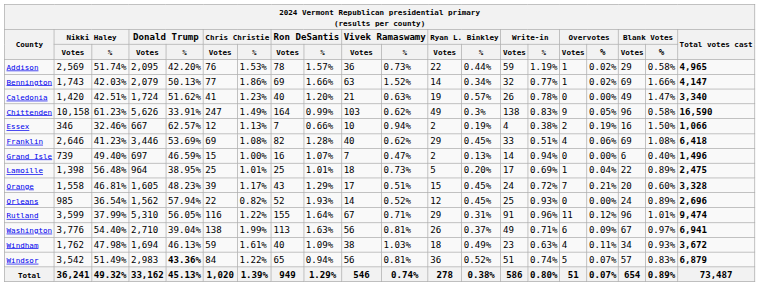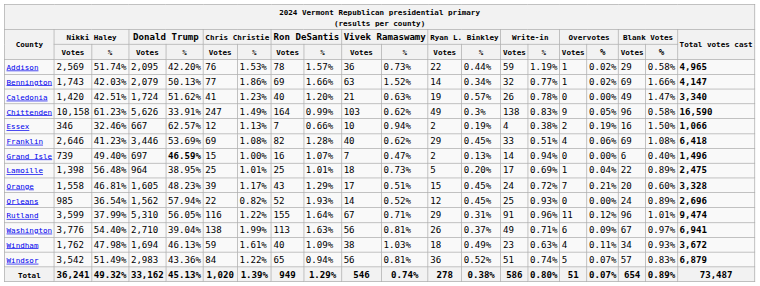 <table class="wikitable sortable mw-collapsible mw-collapsed">
 <tr>
 <th colspan="20"><small>2024 Vermont Republican presidential primary</small><br><small>(results per county)</small></th>
 </tr>
 <tr>
 <th rowspan="2"><small>County</small></th>
 <th colspan="2"><small>Nikki Haley</small></th>
 <th colspan="2">Donald Trump</th>
 <th colspan="2"><small>Chris Christie</small></th>
 <th colspan="2">Ron DeSantis</th>
 <th colspan="2">Vivek Ramaswamy</th>
 <th colspan="2"><small>Ryan L. Binkley</small></th>
 <th colspan="2"><small>Write-in</small></th>
 <th colspan="2"><small>Overvotes</small></th>
 <th colspan="2"><small>Blank Votes</small></th>
 <th rowspan="2"><small>Total votes cast</small></th>
 </tr>
 <tr>
 <th><small>Votes</small></th>
 <th><small>%</small></th>
 <th><small>Votes</small></th>
 <th><small>%</small></th>
 <th><small>Votes</small></th>
 <th><small>%</small></th>
 <th><small>Votes</small></th>
 <th><small>%</small></th>
 <th><small>Votes</small></th>
 <th><small>%</small></th>
 <th><small>Votes</small></th>
 <th><small>%</small></th>
 <th><small>Votes</small></th>
 <th><small>%</small></th>
 <th><small>Votes</small></th>
 <th>%</th>
 <th><small>Votes</small></th>
 <th>%</th>
 </tr>
 <tr>
 <td><a href='#'><small>Addison</small></a></td>
 <td>2,569</td>
 <td>51.74%</td>
 <td>2,095</td>
 <td>42.20%</td>
 <td>76</td>
 <td>1.53%</td>
 <td>78</td>
 <td>1.57%</td>
 <td>36</td>
 <td>0.73%</td>
 <td>22</td>
 <td>0.44%</td>
 <td>59</td>
 <td>1.19%</td>
 <td>1</td>
 <td>0.02%</td>
 <td>29</td>
 <td>0.58%</td>
 <td><strong>4,965</strong></td>
 </tr>
 <tr>
 <td><a href='#'><small>Bennington</small></a></td>
 <td>1,743</td>
 <td>42.03%</td>
 <td>2,079</td>
 <td>50.13%</td>
 <td>77</td>
 <td>1.86%</td>
 <td>69</td>
 <td>1.66%</td>
 <td>63</td>
 <td>1.52%</td>
 <td>14</td>
 <td>0.34%</td>
 <td>32</td>
 <td>0.77%</td>
 <td>1</td>
 <td>0.02%</td>
 <td>69</td>
 <td>1.66%</td>
 <td><strong>4,147</strong></td>
 </tr>
 <tr>
 <td><a href='#'><small>Caledonia</small></a></td>
 <td>1,420</td>
 <td>42.51%</td>
 <td>1,724</td>
 <td>51.62%</td>
 <td>41</td>
 <td>1.23%</td>
 <td>40</td>
 <td>1.20%</td>
 <td>21</td>
 <td>0.63%</td>
 <td>19</td>
 <td>0.57%</td>
 <td>26</td>
 <td>0.78%</td>
 <td>0</td>
 <td>0.00%</td>
 <td>49</td>
 <td>1.47%</td>
 <td><strong>3,340</strong></td>
 </tr>
 <tr>
 <td><a href='#'><small>Chittenden</small></a></td>
 <td>10,158</td>
 <td>61.23%</td>
 <td>5,626</td>
 <td>33.91%</td>
 <td>247</td>
 <td>1.49%</td>
 <td>164</td>
 <td>0.99%</td>
 <td>103</td>
 <td>0.62%</td>
 <td>49</td>
 <td>0.3%</td>
 <td>138</td>
 <td>0.83%</td>
 <td>9</td>
 <td>0.05%</td>
 <td>96</td>
 <td>0.58%</td>
 <td><strong>16,590</strong></td>
 </tr>
 <tr>
 <td><a href='#'><small>Essex</small></a></td>
 <td>346</td>
 <td>32.46%</td>
 <td>667</td>
 <td>62.57%</td>
 <td>12</td>
 <td>1.13%</td>
 <td>7</td>
 <td>0.66%</td>
 <td>10</td>
 <td>0.94%</td>
 <td>2</td>
 <td>0.19%</td>
 <td>4</td>
 <td>0.38%</td>
 <td>2</td>
 <td>0.19%</td>
 <td>16</td>
 <td>1.50%</td>
 <td><strong>1,066</strong></td>
 </tr>
 <tr>
 <td><a href='#'><small>Franklin</small></a></td>
 <td>2,646</td>
 <td>41.23%</td>
 <td>3,446</td>
 <td>53.69%</td>
 <td>69</td>
 <td>1.08%</td>
 <td>82</td>
 <td>1.28%</td>
 <td>40</td>
 <td>0.62%</td>
 <td>29</td>
 <td>0.45%</td>
 <td>33</td>
 <td>0.51%</td>
 <td>4</td>
 <td>0.06%</td>
 <td>69</td>
 <td>1.08%</td>
 <td><strong>6,418</strong></td>
 </tr>
 <tr>
 <td><a href='#'><small>Grand Isle</small></a></td>
 <td>739</td>
 <td>49.40%</td>
 <td>697</td>
-<td>46.59%</td>
+<td><strong>46.59%</strong></td>
 <td>15</td>
 <td>1.00%</td>
 <td>16</td>
 <td>1.07%</td>
 <td>7</td>
 <td>0.47%</td>
 <td>2</td>
 <td>0.13%</td>
 <td>14</td>
 <td>0.94%</td>
 <td>0</td>
 <td>0.00%</td>
 <td>6</td>
 <td>0.40%</td>
 <td><strong>1,496</strong></td>
 </tr>
 <tr>
 <td><a href='#'><small>Lamoille</small></a></td>
 <td>1,398</td>
 <td>56.48%</td>
 <td>964</td>
 <td>38.95%</td>
 <td>25</td>
 <td>1.01%</td>
 <td>25</td>
 <td>1.01%</td>
 <td>18</td>
 <td>0.73%</td>
 <td>5</td>
 <td>0.20%</td>
 <td>17</td>
 <td>0.69%</td>
 <td>1</td>
 <td>0.04%</td>
 <td>22</td>
 <td>0.89%</td>
 <td><strong>2,475</strong></td>
 </tr>
 <tr>
 <td><a href='#'><small>Orange</small></a></td>
 <td>1,558</td>
 <td>46.81%</td>
 <td>1,605</td>
 <td>48.23%</td>
 <td>39</td>
 <td>1.17%</td>
 <td>43</td>
 <td>1.29%</td>
 <td>17</td>
 <td>0.51%</td>
 <td>15</td>
 <td>0.45%</td>
 <td>24</td>
 <td>0.72%</td>
 <td>7</td>
 <td>0.21%</td>
 <td>20</td>
 <td>0.60%</td>
 <td><strong>3,328</strong></td>
 </tr>
 <tr>
 <td><a href='#'><small>Orleans</small></a></td>
 <td>985</td>
 <td>36.54%</td>
 <td>1,562</td>
 <td>57.94%</td>
 <td>22</td>
 <td>0.82%</td>
 <td>52</td>
 <td>1.93%</td>
 <td>14</td>
 <td>0.52%</td>
 <td>12</td>
 <td>0.45%</td>
 <td>25</td>
 <td>0.93%</td>
 <td>0</td>
 <td>0.00%</td>
 <td>24</td>
 <td>0.89%</td>
 <td><strong>2,696</strong></td>
 </tr>
 <tr>
 <td><a href='#'><small>Rutland</small></a></td>
 <td>3,599</td>
 <td>37.99%</td>
 <td>5,310</td>
 <td>56.05%</td>
 <td>116</td>
 <td>1.22%</td>
 <td>155</td>
 <td>1.64%</td>
 <td>67</td>
 <td>0.71%</td>
 <td>29</td>
 <td>0.31%</td>
 <td>91</td>
 <td>0.96%</td>
 <td>11</td>
 <td>0.12%</td>
 <td>96</td>
 <td>1.01%</td>
 <td><strong>9,474</strong></td>
 </tr>
 <tr>
 <td><a href='#'><small>Washington</small></a></td>
 <td>3,776</td>
 <td>54.40%</td>
 <td>2,710</td>
 <td>39.04%</td>
 <td>138</td>
 <td>1.99%</td>
 <td>113</td>
 <td>1.63%</td>
 <td>56</td>
 <td>0.81%</td>
 <td>26</td>
 <td>0.37%</td>
 <td>49</td>
 <td>0.71%</td>
 <td>6</td>
 <td>0.09%</td>
 <td>67</td>
 <td>0.97%</td>
 <td><strong>6,941</strong></td>
 </tr>
 <tr>
 <td><a href='#'><small>Windham</small></a></td>
 <td>1,762</td>
 <td>47.98%</td>
 <td>1,694</td>
 <td>46.13%</td>
 <td>59</td>
 <td>1.61%</td>
 <td>40</td>
 <td>1.09%</td>
 <td>38</td>
 <td>1.03%</td>
 <td>18</td>
 <td>0.49%</td>
 <td>23</td>
 <td>0.63%</td>
 <td>4</td>
 <td>0.11%</td>
 <td>34</td>
 <td>0.93%</td>
 <td><strong>3,672</strong></td>
 </tr>
 <tr>
 <td><a href='#'><small>Windsor</small></a></td>
 <td>3,542</td>
 <td>51.49%</td>
 <td>2,983</td>
-<td><strong>43.36%</strong></td>
+<td>43.36%</td>
 <td>84</td>
 <td>1.22%</td>
 <td>65</td>
 <td>0.94%</td>
 <td>56</td>
 <td>0.81%</td>
 <td>36</td>
 <td>0.52%</td>
 <td>51</td>
 <td>0.74%</td>
 <td>5</td>
 <td>0.07%</td>
 <td>57</td>
 <td>0.83%</td>
 <td><strong>6,879</strong></td>
 </tr>
 <tr>
 <th><strong><small>Total</small></strong></th>
 <th>36,241</th>
 <th>49.32%</th>
 <th>33,162</th>
 <th>45.13%</th>
 <th>1,020</th>
 <th>1.39%</th>
 <th>949</th>
 <th>1.29%</th>
 <th>546</th>
 <th>0.74%</th>
 <th>278</th>
 <th>0.38%</th>
 <th>586</th>
 <th>0.80%</th>
 <th>51</th>
 <th>0.07%</th>
 <th>654</th>
 <th>0.89%</th>
 <th>73,487</th>
 </tr>
 </table>
